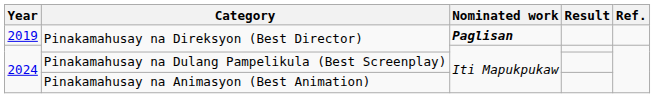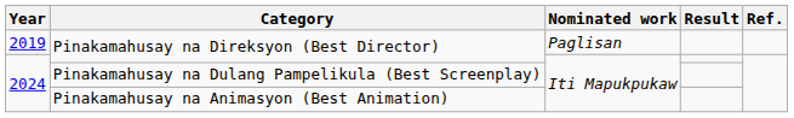 <table class="wikitable">
 <tr>
 <th>Year</th>
 <th>Category</th>
 <th>Nominated work</th>
 <th>Result</th>
 <th>Ref.</th>
 </tr>
 <tr>
 <td><a href='#'>2019</a></td>
 <td rowspan="2">Pinakamahusay na Direksyon (Best Director)</td>
-<td><strong><em>Paglisan</em></strong></td>
+<td><em>Paglisan</em></td>
 <td></td>
 <td></td>
 </tr>
 <tr>
 <td rowspan="3"><a href='#'>2024</a></td>
 <td rowspan="3"><em>Iti Mapukpukaw</em></td>
 <td></td>
 <td rowspan="3"></td>
 </tr>
 <tr>
 <td>Pinakamahusay na Dulang Pampelikula (Best Screenplay)</td>
 <td></td>
 </tr>
 <tr>
 <td>Pinakamahusay na Animasyon (Best Animation)</td>
 <td></td>
 </tr>
 </table>
